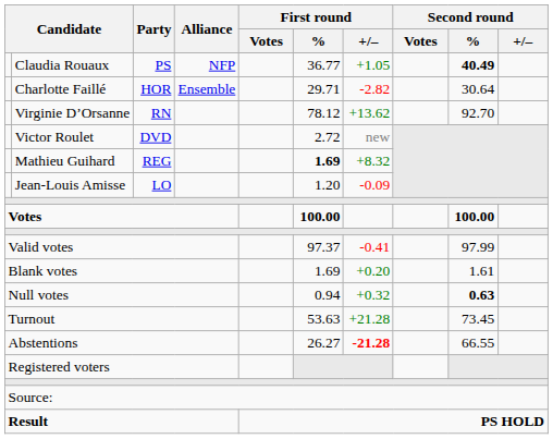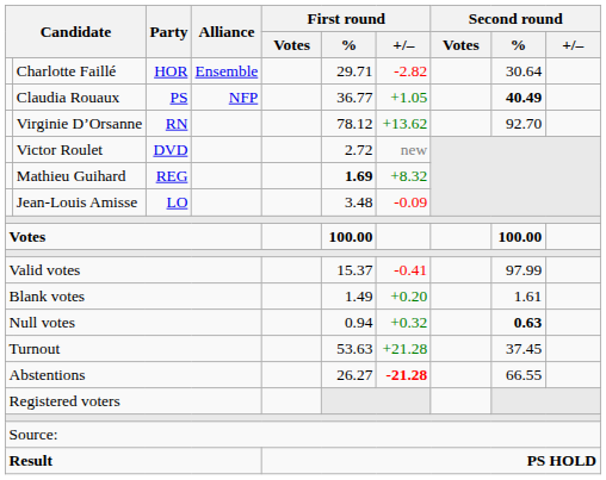 <table class="wikitable" style="text-align:right;font-size:95%;">
 <tr>
 <th rowspan="2" colspan="2">Candidate</th>
 <th colspan="1" rowspan="2">Party</th>
 <th colspan="1" rowspan="2">Alliance</th>
 <th colspan="3">First round</th>
 <th colspan="3">Second round</th>
 </tr>
 <tr>
 <th style="width:50px;">Votes</th>
 <th style="width:45px;">%</th>
 <th style="width:45px;">+/–</th>
 <th style="width:50px;">Votes</th>
 <th style="width:45px;">%</th>
 <th style="width:45px;">+/–</th>
 </tr>
 <tr>
 <td style="color:inherit;background:"></td>
+<td style="text-align:left;">Charlotte Faillé</td>
+<td><a href='#'>HOR</a></td>
+<td><a href='#'>Ensemble</a></td>
+<td></td>
+<td>29.71</td>
+<td style="color:red;">-2.82</td>
+<td></td>
+<td>30.64</td>
+<td style="color:grey;"></td>
+</tr>
+<tr>
+<td style="color:inherit;background:"></td>
 <td style="text-align:left;">Claudia Rouaux</td>
 <td><a href='#'>PS</a></td>
 <td><a href='#'>NFP</a></td>
 <td></td>
 <td>36.77</td>
 <td style="color:green;">+1.05</td>
 <td><strong></strong></td>
 <td><strong>40.49</strong></td>
-<td style="color:grey;"></td>
-</tr>
-<tr>
-<td style="color:inherit;background:"></td>
-<td style="text-align:left;">Charlotte Faillé</td>
-<td><a href='#'>HOR</a></td>
-<td><a href='#'>Ensemble</a></td>
-<td></td>
-<td>29.71</td>
-<td style="color:red;">-2.82</td>
-<td></td>
-<td>30.64</td>
 <td style="color:grey;"></td>
 </tr>
 <tr>
 <td style="color:inherit;background:"></td>
 <td style="text-align:left;">Virginie D’Orsanne</td>
 <td><a href='#'>RN</a></td>
 <td></td>
 <td></td>
 <td>78.12</td>
 <td style="color:green;">+13.62</td>
 <td></td>
 <td>92.70</td>
 <td style="color:grey;"></td>
 </tr>
 <tr>
 <td style="color:inherit;background:"></td>
 <td style="text-align:left;">Victor Roulet</td>
 <td><a href='#'>DVD</a></td>
 <td></td>
 <td></td>
 <td>2.72</td>
 <td style="color:grey;">new</td>
 <td colspan="3" rowspan="3" style="background:#E9E9E9;"></td>
 </tr>
 <tr>
 <td style="color:inherit;background:"></td>
 <td style="text-align:left;">Mathieu Guihard</td>
 <td><a href='#'>REG</a></td>
 <td></td>
 <td></td>
 <td><strong>1.69</strong></td>
 <td style="color:green;">+8.32</td>
 </tr>
 <tr>
 <td style="color:inherit;background:"></td>
 <td style="text-align:left;">Jean-Louis Amisse</td>
 <td><a href='#'>LO</a></td>
 <td></td>
 <td></td>
-<td>1.20</td>
+<td>3.48</td>
 <td style="color:red;">-0.09</td>
 </tr>
 <tr>
 <td colspan="10" style="background:#E9E9E9;"></td>
 </tr>
 <tr style="font-weight:bold;">
 <td colspan="4" style="text-align:left;">Votes</td>
 <td></td>
 <td>100.00</td>
 <td></td>
 <td></td>
 <td>100.00</td>
 <td></td>
 </tr>
 <tr>
 <td colspan="10" style="background:#E9E9E9;"></td>
 </tr>
 <tr>
 <td colspan="4" style="text-align:left;">Valid votes</td>
 <td></td>
-<td>97.37</td>
+<td>15.37</td>
 <td style="color:red;">-0.41</td>
 <td></td>
 <td>97.99</td>
 <td style="color:grey;"></td>
 </tr>
 <tr>
 <td colspan="4" style="text-align:left;">Blank votes</td>
 <td></td>
-<td>1.69</td>
+<td>1.49</td>
 <td style="color:green;">+0.20</td>
 <td></td>
 <td>1.61</td>
 <td style="color:grey;"></td>
 </tr>
 <tr>
 <td colspan="4" style="text-align:left;">Null votes</td>
 <td></td>
 <td>0.94</td>
 <td style="color:green;">+0.32</td>
 <td></td>
 <td><strong>0.63</strong></td>
 <td style="color:grey;"></td>
 </tr>
 <tr>
 <td colspan="4" style="text-align:left;">Turnout</td>
 <td></td>
 <td>53.63</td>
 <td style="color:green;">+21.28</td>
 <td></td>
-<td>73.45</td>
+<td>37.45</td>
 <td style="color:grey;"></td>
 </tr>
 <tr>
 <td colspan="4" style="text-align:left;">Abstentions</td>
 <td></td>
 <td>26.27</td>
 <td style="color:red;"><strong>-21.28</strong></td>
 <td></td>
 <td>66.55</td>
 <td style="color:grey;"></td>
 </tr>
 <tr>
 <td colspan="4" style="text-align:left;">Registered voters</td>
 <td></td>
 <td colspan="2" style="background:#E9E9E9;"></td>
 <td></td>
 <td colspan="2" style="background:#E9E9E9;"></td>
 </tr>
 <tr>
 <td colspan="10" style="background:#E9E9E9;"></td>
 </tr>
 <tr>
 <td colspan="10" style="text-align:left;">Source: </td>
 </tr>
 <tr style="font-weight:bold">
 <td colspan="4" style="text-align:left;">Result</td>
 <td colspan="6" style="background-color:">PS HOLD</td>
 </tr>
 </table>
